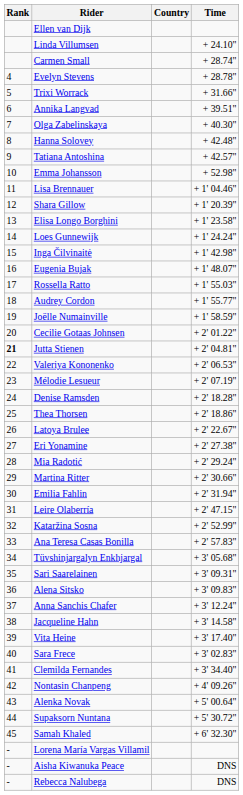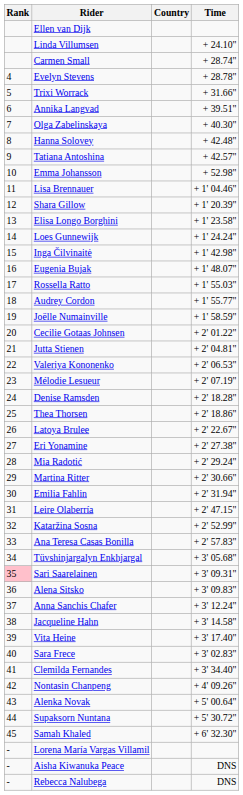 <table class="wikitable" style="font-size:95%; text-align:left;">
 <tr>
 <th>Rank</th>
 <th>Rider</th>
 <th>Country</th>
 <th>Time</th>
 </tr>
 <tr>
 <td></td>
 <td><a href='#'>Ellen van Dijk</a></td>
 <td></td>
 <td></td>
 </tr>
 <tr>
 <td></td>
 <td><a href='#'>Linda Villumsen</a></td>
 <td></td>
 <td align=right>+ 24.10"</td>
 </tr>
 <tr>
 <td></td>
 <td><a href='#'>Carmen Small</a></td>
 <td></td>
 <td align=right>+ 28.74"</td>
 </tr>
 <tr>
 <td>4</td>
 <td><a href='#'>Evelyn Stevens</a></td>
 <td></td>
 <td align=right>+ 28.78"</td>
 </tr>
 <tr>
 <td>5</td>
 <td><a href='#'>Trixi Worrack</a></td>
 <td></td>
 <td align=right>+ 31.66"</td>
 </tr>
 <tr>
 <td>6</td>
 <td><a href='#'>Annika Langvad</a></td>
 <td></td>
 <td align=right>+ 39.51"</td>
 </tr>
 <tr>
 <td>7</td>
 <td><a href='#'>Olga Zabelinskaya</a></td>
 <td></td>
 <td align=right>+ 40.30"</td>
 </tr>
 <tr>
 <td>8</td>
 <td><a href='#'>Hanna Solovey</a></td>
 <td></td>
 <td align=right>+ 42.48"</td>
 </tr>
 <tr>
 <td>9</td>
 <td><a href='#'>Tatiana Antoshina</a></td>
 <td></td>
 <td align=right>+ 42.57"</td>
 </tr>
 <tr>
 <td>10</td>
 <td><a href='#'>Emma Johansson</a></td>
 <td></td>
 <td align=right>+ 52.98"</td>
 </tr>
 <tr>
 <td>11</td>
 <td><a href='#'>Lisa Brennauer</a></td>
 <td></td>
 <td align=right>+ 1' 04.46"</td>
 </tr>
 <tr>
 <td>12</td>
 <td><a href='#'>Shara Gillow</a></td>
 <td></td>
 <td align=right>+ 1' 20.39"</td>
 </tr>
 <tr>
 <td>13</td>
 <td><a href='#'>Elisa Longo Borghini</a></td>
 <td></td>
 <td align=right>+ 1' 23.58"</td>
 </tr>
 <tr>
 <td>14</td>
 <td><a href='#'>Loes Gunnewijk</a></td>
 <td></td>
 <td align=right>+ 1' 24.24"</td>
 </tr>
 <tr>
 <td>15</td>
 <td><a href='#'>Inga Čilvinaitė</a></td>
 <td></td>
 <td align=right>+ 1' 42.98"</td>
 </tr>
 <tr>
 <td>16</td>
 <td><a href='#'>Eugenia Bujak</a></td>
 <td></td>
 <td align=right>+ 1' 48.07"</td>
 </tr>
 <tr>
 <td>17</td>
 <td><a href='#'>Rossella Ratto</a></td>
 <td></td>
 <td align=right>+ 1' 55.03"</td>
 </tr>
 <tr>
 <td>18</td>
 <td><a href='#'>Audrey Cordon</a></td>
 <td></td>
 <td align=right>+ 1' 55.77"</td>
 </tr>
 <tr>
 <td>19</td>
 <td><a href='#'>Joëlle Numainville</a></td>
 <td></td>
 <td align=right>+ 1' 58.59"</td>
 </tr>
 <tr>
 <td>20</td>
 <td><a href='#'>Cecilie Gotaas Johnsen</a></td>
 <td></td>
 <td align=right>+ 2' 01.22"</td>
 </tr>
 <tr>
-<td><strong>21</strong></td>
+<td>21</td>
 <td><a href='#'>Jutta Stienen</a></td>
 <td></td>
 <td align=right>+ 2' 04.81"</td>
 </tr>
 <tr>
 <td>22</td>
 <td><a href='#'>Valeriya Kononenko</a></td>
 <td></td>
 <td align=right>+ 2' 06.53"</td>
 </tr>
 <tr>
 <td>23</td>
 <td><a href='#'>Mélodie Lesueur</a></td>
 <td></td>
 <td align=right>+ 2' 07.19"</td>
 </tr>
 <tr>
 <td>24</td>
 <td><a href='#'>Denise Ramsden</a></td>
 <td></td>
 <td align=right>+ 2' 18.28"</td>
 </tr>
 <tr>
 <td>25</td>
 <td><a href='#'>Thea Thorsen</a></td>
 <td></td>
 <td align=right>+ 2' 18.86"</td>
 </tr>
 <tr>
 <td>26</td>
 <td><a href='#'>Latoya Brulee</a></td>
 <td></td>
 <td align=right>+ 2' 22.67"</td>
 </tr>
 <tr>
 <td>27</td>
 <td><a href='#'>Eri Yonamine</a></td>
 <td></td>
 <td align=right>+ 2' 27.38"</td>
 </tr>
 <tr>
 <td>28</td>
 <td><a href='#'>Mia Radotić</a></td>
 <td></td>
 <td align=right>+ 2' 29.24"</td>
 </tr>
 <tr>
 <td>29</td>
 <td><a href='#'>Martina Ritter</a></td>
 <td></td>
 <td align=right>+ 2' 30.66"</td>
 </tr>
 <tr>
 <td>30</td>
 <td><a href='#'>Emilia Fahlin</a></td>
 <td></td>
 <td align=right>+ 2' 31.94"</td>
 </tr>
 <tr>
 <td>31</td>
 <td><a href='#'>Leire Olaberría</a></td>
 <td></td>
 <td align=right>+ 2' 47.15"</td>
 </tr>
 <tr>
 <td>32</td>
 <td><a href='#'>Kataržina Sosna</a></td>
 <td></td>
 <td align=right>+ 2' 52.99"</td>
 </tr>
 <tr>
 <td>33</td>
 <td><a href='#'>Ana Teresa Casas Bonilla</a></td>
 <td></td>
 <td align=right>+ 2' 57.83"</td>
 </tr>
 <tr>
 <td>34</td>
 <td><a href='#'>Tüvshinjargalyn Enkhjargal</a></td>
 <td></td>
 <td align=right>+ 3' 05.68"</td>
 </tr>
 <tr>
-<td>35</td>
+<td style="background: pink;">35</td>
 <td><a href='#'>Sari Saarelainen</a></td>
 <td></td>
 <td align=right>+ 3' 09.31"</td>
 </tr>
 <tr>
 <td>36</td>
 <td><a href='#'>Alena Sitsko</a></td>
 <td></td>
 <td align=right>+ 3' 09.83"</td>
 </tr>
 <tr>
 <td>37</td>
 <td><a href='#'>Anna Sanchis Chafer</a></td>
 <td></td>
 <td align=right>+ 3' 12.24"</td>
 </tr>
 <tr>
 <td>38</td>
 <td><a href='#'>Jacqueline Hahn</a></td>
 <td></td>
 <td align=right>+ 3' 14.58"</td>
 </tr>
 <tr>
 <td>39</td>
 <td><a href='#'>Vita Heine</a></td>
 <td></td>
 <td align=right>+ 3' 17.40"</td>
 </tr>
 <tr>
 <td>40</td>
 <td><a href='#'>Sara Frece</a></td>
 <td></td>
 <td align=right>+ 3' 02.83"</td>
 </tr>
 <tr>
 <td>41</td>
 <td><a href='#'>Clemilda Fernandes</a></td>
 <td></td>
 <td align=right>+ 3' 34.40"</td>
 </tr>
 <tr>
 <td>42</td>
 <td><a href='#'>Nontasin Chanpeng</a></td>
 <td></td>
 <td align=right>+ 4' 09.26"</td>
 </tr>
 <tr>
 <td>43</td>
 <td><a href='#'>Alenka Novak</a></td>
 <td></td>
 <td align=right>+ 5' 00.64"</td>
 </tr>
 <tr>
 <td>44</td>
 <td><a href='#'>Supaksorn Nuntana</a></td>
 <td></td>
 <td align=right>+ 5' 30.72"</td>
 </tr>
 <tr>
 <td>45</td>
 <td><a href='#'>Samah Khaled</a></td>
 <td></td>
 <td align=right>+ 6' 32.30"</td>
 </tr>
 <tr>
 <td>-</td>
 <td><a href='#'>Lorena María Vargas Villamil</a></td>
 <td></td>
 <td align="right"></td>
 </tr>
 <tr>
 <td>-</td>
 <td><a href='#'>Aisha Kiwanuka Peace</a></td>
 <td></td>
 <td align="right">DNS</td>
 </tr>
 <tr>
 <td>-</td>
 <td><a href='#'>Rebecca Nalubega</a></td>
 <td></td>
 <td align="right">DNS</td>
 </tr>
 </table>
